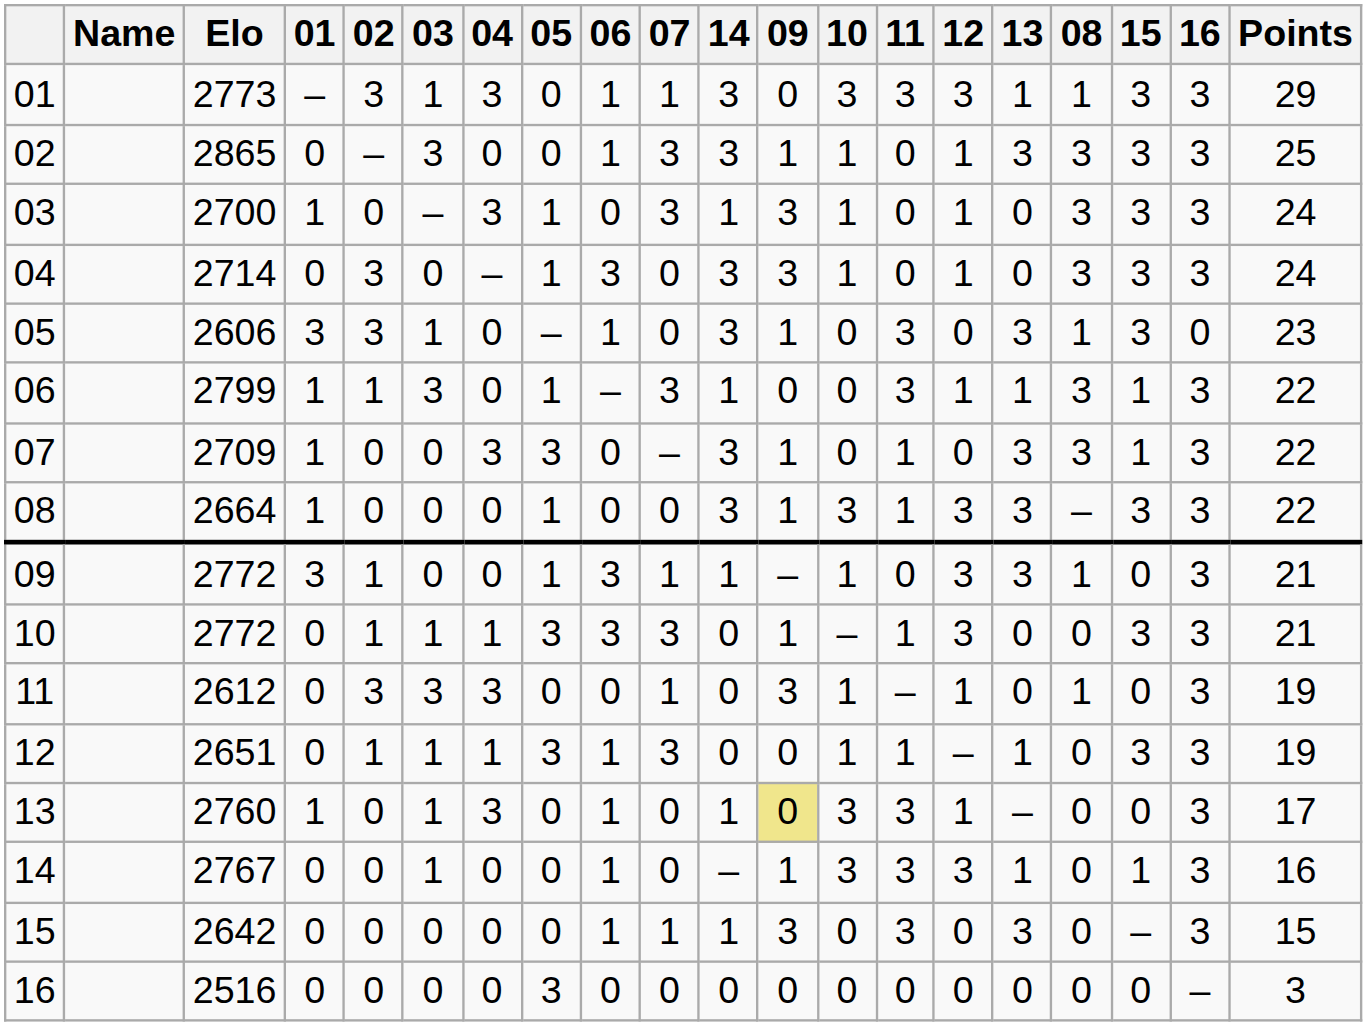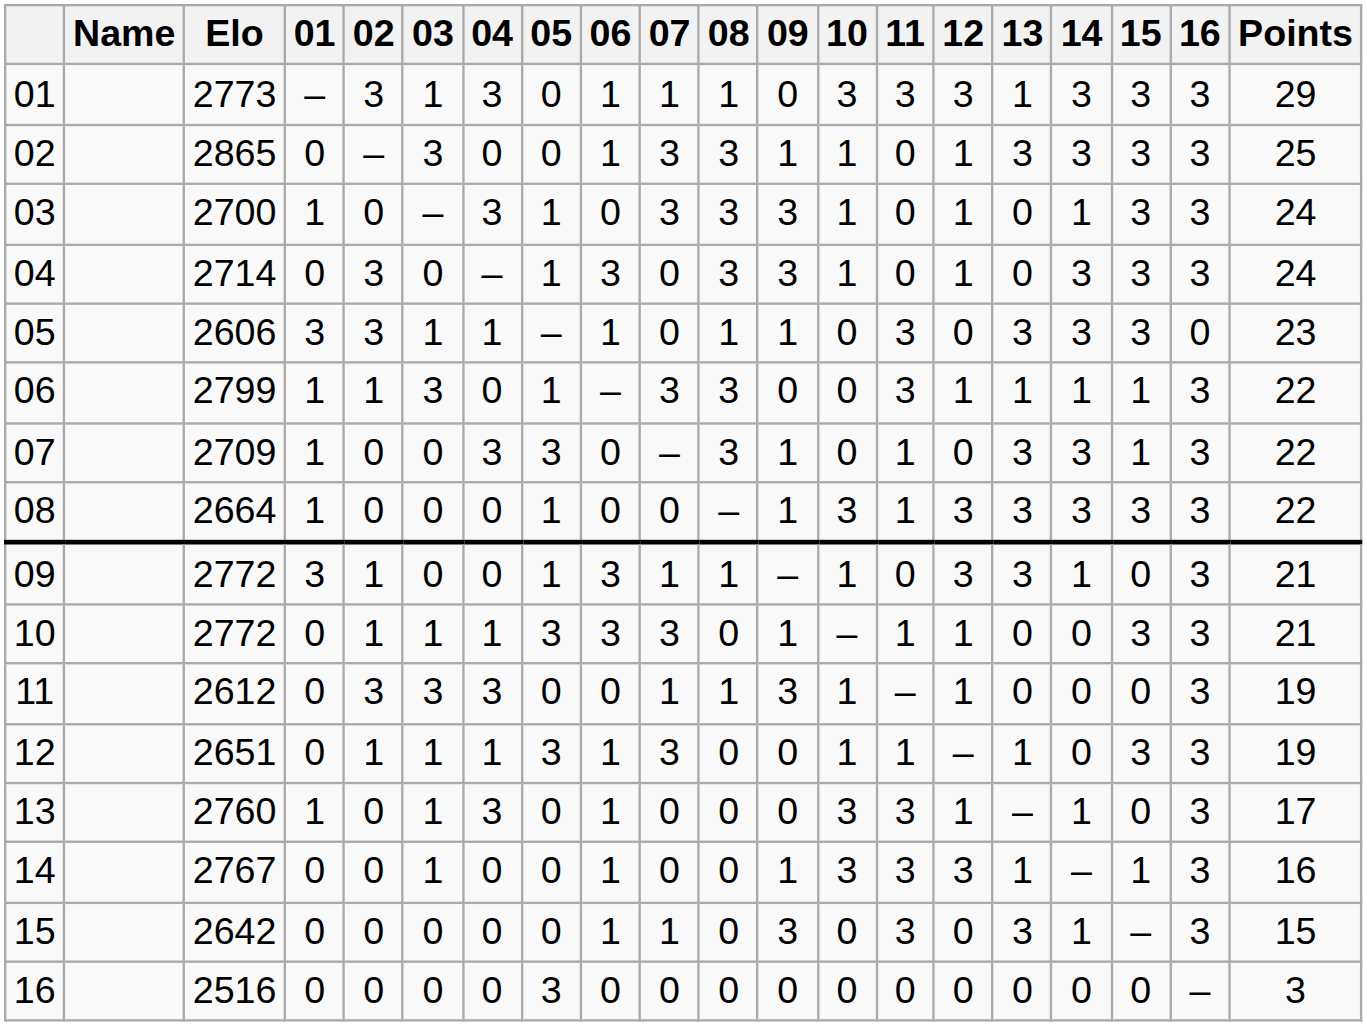 <table class="wikitable" style="text-align:center">
 <tr>
 <th></th>
 <th>Name</th>
 <th>Elo</th>
 <th>01</th>
 <th>02</th>
 <th>03</th>
 <th>04</th>
 <th>05</th>
 <th>06</th>
 <th>07</th>
-<th>14</th>
+<th>08</th>
 <th>09</th>
 <th>10</th>
 <th>11</th>
 <th>12</th>
 <th>13</th>
-<th>08</th>
+<th>14</th>
 <th>15</th>
 <th>16</th>
 <th>Points</th>
 </tr>
 <tr>
 <td>01</td>
 <td style="text-align:left;" data-sort-value="Nepomniachtchi"></td>
 <td>2773</td>
 <td>–</td>
 <td>3</td>
 <td>1</td>
 <td>3</td>
 <td>0</td>
 <td>1</td>
 <td>1</td>
-<td>3</td>
+<td>1</td>
 <td>0</td>
 <td>3</td>
 <td>3</td>
 <td>3</td>
 <td>1</td>
-<td>1</td>
+<td>3</td>
 <td>3</td>
 <td>3</td>
 <td>29</td>
 </tr>
 <tr>
 <td>02</td>
 <td style="text-align:left;" data-sort-value="Carlsen"></td>
 <td>2865</td>
 <td>0</td>
 <td>–</td>
 <td>3</td>
 <td>0</td>
 <td>0</td>
 <td>1</td>
 <td>3</td>
 <td>3</td>
 <td>1</td>
 <td>1</td>
 <td>0</td>
 <td>1</td>
 <td>3</td>
 <td>3</td>
 <td>3</td>
 <td>3</td>
 <td>25</td>
 </tr>
 <tr>
 <td>03</td>
 <td style="text-align:left;" data-sort-value="Artemiev"></td>
 <td>2700</td>
 <td>1</td>
 <td>0</td>
 <td>–</td>
 <td>3</td>
 <td>1</td>
 <td>0</td>
 <td>3</td>
-<td>1</td>
+<td>3</td>
 <td>3</td>
 <td>1</td>
 <td>0</td>
 <td>1</td>
 <td>0</td>
-<td>3</td>
+<td>1</td>
 <td>3</td>
 <td>3</td>
 <td>24</td>
 </tr>
 <tr>
 <td>04</td>
 <td style="text-align:left;" data-sort-value="Esipenko"></td>
 <td>2714</td>
 <td>0</td>
 <td>3</td>
 <td>0</td>
 <td>–</td>
 <td>1</td>
 <td>3</td>
 <td>0</td>
 <td>3</td>
 <td>3</td>
 <td>1</td>
 <td>0</td>
 <td>1</td>
 <td>0</td>
 <td>3</td>
 <td>3</td>
 <td>3</td>
 <td>24</td>
 </tr>
 <tr>
 <td>05</td>
 <td style="text-align:left;" data-sort-value="Hansen"></td>
 <td>2606</td>
 <td>3</td>
 <td>3</td>
 <td>1</td>
-<td>0</td>
+<td>1</td>
 <td>–</td>
 <td>1</td>
 <td>0</td>
-<td>3</td>
+<td>1</td>
 <td>1</td>
 <td>0</td>
 <td>3</td>
 <td>0</td>
 <td>3</td>
-<td>1</td>
+<td>3</td>
 <td>3</td>
 <td>0</td>
 <td>23</td>
 </tr>
 <tr>
 <td>06</td>
 <td style="text-align:left;" data-sort-value="Ding"></td>
 <td>2799</td>
 <td>1</td>
 <td>1</td>
 <td>3</td>
 <td>0</td>
 <td>1</td>
 <td>–</td>
 <td>3</td>
-<td>1</td>
+<td>3</td>
 <td>0</td>
 <td>0</td>
 <td>3</td>
 <td>1</td>
 <td>1</td>
-<td>3</td>
+<td>1</td>
 <td>1</td>
 <td>3</td>
 <td>22</td>
 </tr>
 <tr>
 <td>07</td>
 <td style="text-align:left;" data-sort-value="Lê"></td>
 <td>2709</td>
 <td>1</td>
 <td>0</td>
 <td>0</td>
 <td>3</td>
 <td>3</td>
 <td>0</td>
 <td>–</td>
 <td>3</td>
 <td>1</td>
 <td>0</td>
 <td>1</td>
 <td>0</td>
 <td>3</td>
 <td>3</td>
 <td>1</td>
 <td>3</td>
 <td>22</td>
 </tr>
 <tr>
 <td>08</td>
 <td style="text-align:left;" data-sort-value="Keymer"></td>
 <td>2664</td>
 <td>1</td>
 <td>0</td>
 <td>0</td>
 <td>0</td>
 <td>1</td>
 <td>0</td>
 <td>0</td>
-<td>3</td>
+<td>–</td>
 <td>1</td>
 <td>3</td>
 <td>1</td>
 <td>3</td>
 <td>3</td>
-<td>–</td>
+<td>3</td>
 <td>3</td>
 <td>3</td>
 <td>22</td>
 </tr>
 <tr>
 <td style="border-top: 2px solid #000000;">09</td>
 <td style="text-align:left; border-top: 2px solid #000000;" data-sort-value="Aronian"></td>
 <td style="border-top: 2px solid #000000;">2772</td>
 <td style="border-top: 2px solid #000000;">3</td>
 <td style="border-top: 2px solid #000000;">1</td>
 <td style="border-top: 2px solid #000000;">0</td>
 <td style="border-top: 2px solid #000000;">0</td>
 <td style="border-top: 2px solid #000000;">1</td>
 <td style="border-top: 2px solid #000000;">3</td>
 <td style="border-top: 2px solid #000000;">1</td>
 <td style="border-top: 2px solid #000000;">1</td>
 <td style="border-top: 2px solid #000000;">–</td>
 <td style="border-top: 2px solid #000000;">1</td>
 <td style="border-top: 2px solid #000000;">0</td>
 <td style="border-top: 2px solid #000000;">3</td>
 <td style="border-top: 2px solid #000000;">3</td>
 <td style="border-top: 2px solid #000000;">1</td>
 <td style="border-top: 2px solid #000000;">0</td>
 <td style="border-top: 2px solid #000000;">3</td>
 <td style="border-top: 2px solid #000000;">21</td>
 </tr>
 <tr>
 <td>10</td>
 <td style="text-align:left;" data-sort-value="Giri"></td>
 <td>2772</td>
 <td>0</td>
 <td>1</td>
 <td>1</td>
 <td>1</td>
 <td>3</td>
 <td>3</td>
 <td>3</td>
 <td>0</td>
 <td>1</td>
 <td>–</td>
 <td>1</td>
-<td>3</td>
+<td>1</td>
 <td>0</td>
 <td>0</td>
 <td>3</td>
 <td>3</td>
 <td>21</td>
 </tr>
 <tr>
 <td>11</td>
 <td style="text-align:left;" data-sort-value="Praggnanandhaa"></td>
 <td>2612</td>
 <td>0</td>
 <td>3</td>
 <td>3</td>
 <td>3</td>
 <td>0</td>
 <td>0</td>
 <td>1</td>
-<td>0</td>
+<td>1</td>
 <td>3</td>
 <td>1</td>
 <td>–</td>
 <td>1</td>
 <td>0</td>
-<td>1</td>
+<td>0</td>
 <td>0</td>
 <td>3</td>
 <td>19</td>
 </tr>
 <tr>
 <td>12</td>
 <td style="text-align:left;" data-sort-value="Abdusattorov"></td>
 <td>2651</td>
 <td>0</td>
 <td>1</td>
 <td>1</td>
 <td>1</td>
 <td>3</td>
 <td>1</td>
 <td>3</td>
 <td>0</td>
 <td>0</td>
 <td>1</td>
 <td>1</td>
 <td>–</td>
 <td>1</td>
 <td>0</td>
 <td>3</td>
 <td>3</td>
 <td>19</td>
 </tr>
 <tr>
 <td>13</td>
 <td style="text-align:left;" data-sort-value="Duda"></td>
 <td>2760</td>
 <td>1</td>
 <td>0</td>
 <td>1</td>
 <td>3</td>
 <td>0</td>
 <td>1</td>
 <td>0</td>
-<td>1</td>
-<td style="background: khaki;">0</td>
+<td>0</td>
+<td>0</td>
 <td>3</td>
 <td>3</td>
 <td>1</td>
 <td>–</td>
-<td>0</td>
+<td>1</td>
 <td>0</td>
 <td>3</td>
 <td>17</td>
 </tr>
 <tr>
 <td>14</td>
 <td style="text-align:left;" data-sort-value="Mamedyarov"></td>
 <td>2767</td>
 <td>0</td>
 <td>0</td>
 <td>1</td>
 <td>0</td>
 <td>0</td>
 <td>1</td>
 <td>0</td>
-<td>–</td>
+<td>0</td>
 <td>1</td>
 <td>3</td>
 <td>3</td>
 <td>3</td>
 <td>1</td>
-<td>0</td>
+<td>–</td>
 <td>1</td>
 <td>3</td>
 <td>16</td>
 </tr>
 <tr>
 <td>15</td>
 <td style="text-align:left;" data-sort-value="Niemann"></td>
 <td>2642</td>
 <td>0</td>
 <td>0</td>
 <td>0</td>
 <td>0</td>
 <td>0</td>
 <td>1</td>
 <td>1</td>
-<td>1</td>
+<td>0</td>
 <td>3</td>
 <td>0</td>
 <td>3</td>
 <td>0</td>
 <td>3</td>
-<td>0</td>
+<td>1</td>
 <td>–</td>
 <td>3</td>
 <td>15</td>
 </tr>
 <tr>
 <td>16</td>
 <td style="text-align:left;" data-sort-value="Kosteniuk"></td>
 <td>2516</td>
 <td>0</td>
 <td>0</td>
 <td>0</td>
 <td>0</td>
 <td>3</td>
 <td>0</td>
 <td>0</td>
 <td>0</td>
 <td>0</td>
 <td>0</td>
 <td>0</td>
 <td>0</td>
 <td>0</td>
 <td>0</td>
 <td>0</td>
 <td>–</td>
 <td>3</td>
 </tr>
 </table>
